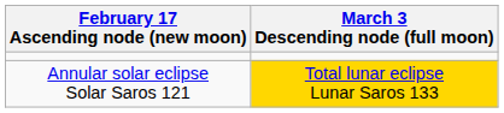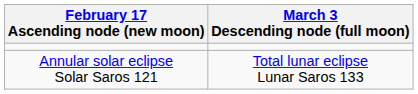 <table class="wikitable">
 <tr>
 <th><a href='#'>February 17</a><br>Ascending node (new moon)<br></th>
 <th><a href='#'>March 3</a><br>Descending node (full moon)<br></th>
 </tr>
 <tr>
 <td></td>
 <td></td>
 </tr>
 <tr align=center>
 <td><a href='#'>Annular solar eclipse</a><br>Solar Saros 121</td>
-<td style="background: gold;"><a href='#'>Total lunar eclipse</a><br>Lunar Saros 133</td>
+<td><a href='#'>Total lunar eclipse</a><br>Lunar Saros 133</td>
 </tr>
 </table>
